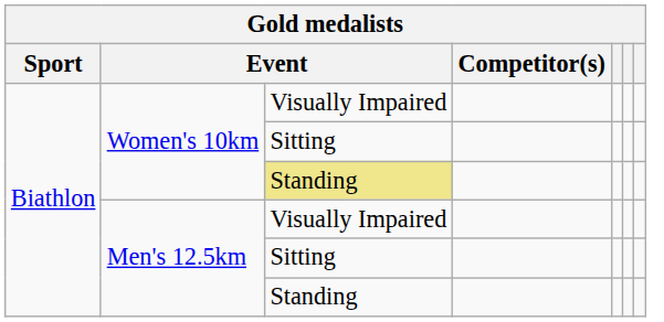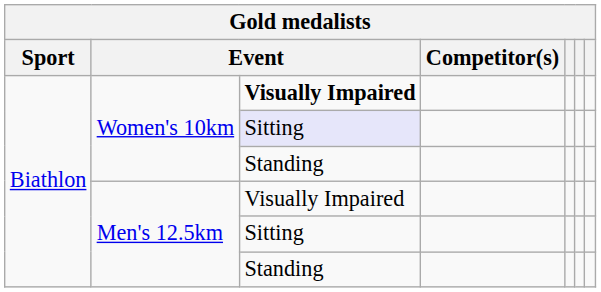 <table class="wikitable">
 <tr>
 <th colspan="7">Gold medalists</th>
 </tr>
 <tr>
 <th>Sport</th>
 <th colspan=2>Event</th>
 <th>Competitor(s)</th>
 <th></th>
 <th></th>
 <th></th>
 </tr>
 <tr>
 <td rowspan=6><a href='#'>Biathlon</a></td>
 <td rowspan=3><a href='#'>Women's 10km</a></td>
-<td>Visually Impaired</td>
+<td><strong>Visually Impaired</strong></td>
 <td></td>
 <td></td>
 <td></td>
 <td></td>
 </tr>
 <tr>
-<td>Sitting</td>
+<td style="background: lavender;">Sitting</td>
 <td></td>
 <td></td>
 <td></td>
 <td></td>
 </tr>
 <tr>
-<td style="background: khaki;">Standing</td>
+<td>Standing</td>
 <td></td>
 <td></td>
 <td></td>
 <td></td>
 </tr>
 <tr>
 <td rowspan=3><a href='#'>Men's 12.5km</a></td>
 <td>Visually Impaired</td>
 <td></td>
 <td></td>
 <td></td>
 <td></td>
 </tr>
 <tr>
 <td>Sitting</td>
 <td></td>
 <td></td>
 <td></td>
 <td></td>
 </tr>
 <tr>
 <td>Standing</td>
 <td></td>
 <td></td>
 <td></td>
 <td></td>
 </tr>
 </table>
